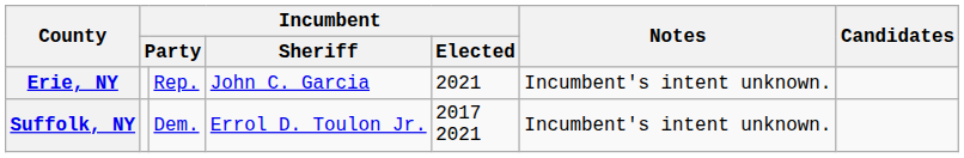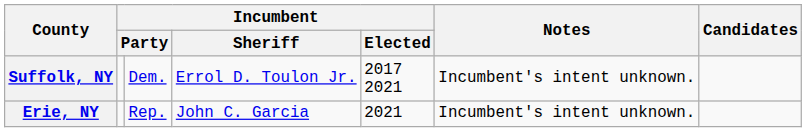 <table class="wikitable sortable">
 <tr>
 <th rowspan="2">County</th>
 <th colspan=4>Incumbent</th>
 <th rowspan="2">Notes</th>
 <th rowspan="2">Candidates</th>
 </tr>
 <tr>
 <th colspan=2 align="center">Party</th>
 <th align="center">Sheriff</th>
 <th align="center">Elected</th>
 </tr>
 <tr>
+<th><a href='#'>Suffolk, NY</a></th>
+<td style="background-color:"></td>
+<td><a href='#'>Dem.</a></td>
+<td><a href='#'>Errol D. Toulon Jr.</a></td>
+<td>2017<br>2021</td>
+<td>Incumbent's intent unknown.</td>
+<td nowrap></td>
+</tr>
+<tr>
 <th><a href='#'>Erie, NY</a></th>
 <td style="background-color:"></td>
 <td><a href='#'>Rep.</a></td>
 <td><a href='#'>John C. Garcia</a></td>
 <td>2021</td>
 <td>Incumbent's intent unknown.</td>
 <td nowrap></td>
 </tr>
-<tr>
-<th><a href='#'>Suffolk, NY</a></th>
-<td style="background-color:"></td>
-<td><a href='#'>Dem.</a></td>
-<td><a href='#'>Errol D. Toulon Jr.</a></td>
-<td>2017<br>2021</td>
-<td>Incumbent's intent unknown.</td>
-<td nowrap></td>
-</tr>
 </table>
